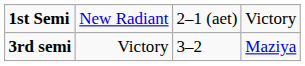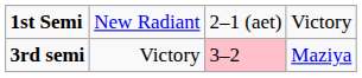 <table class="wikitable" style="font-size:95%">
 <tr>
 <td><strong>1st Semi</strong></td>
 <td align=right><a href='#'>New Radiant</a></td>
 <td>2–1 (aet)</td>
 <td>Victory</td>
 </tr>
 <tr>
 <td><strong>3rd semi</strong></td>
 <td align=right>Victory</td>
-<td>3–2</td>
+<td style="background: pink;">3–2</td>
 <td><a href='#'>Maziya</a></td>
 </tr>
 </table>
